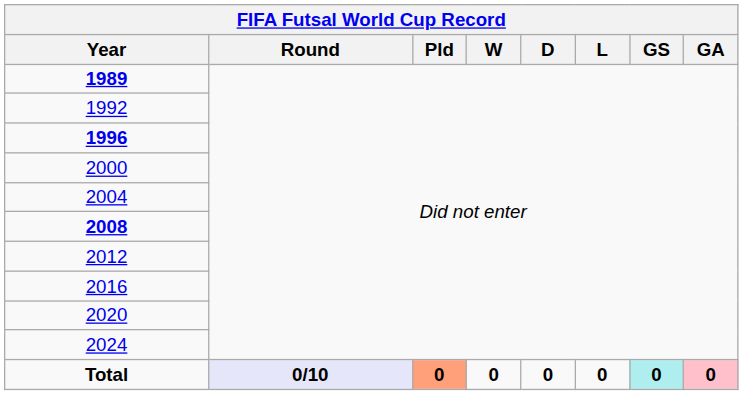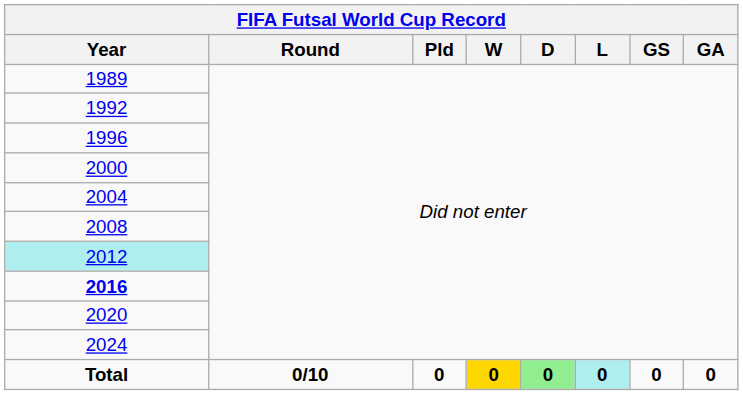 <table class="wikitable" style="text-align: center;font-size:90%;">
 <tr>
 <th colspan=9><a href='#'>FIFA Futsal World Cup Record</a></th>
 </tr>
 <tr>
 <th width=150>Year</th>
 <th width=150>Round</th>
 <th width=35>Pld</th>
 <th width=35>W</th>
 <th width=35>D</th>
 <th width=35>L</th>
 <th width=35>GS</th>
 <th width=35>GA</th>
 </tr>
 <tr>
-<td><strong> <a href='#'>1989</a></strong></td>
+<td> <a href='#'>1989</a></td>
 <td colspan=8 rowspan=10><em>Did not enter</em></td>
 </tr>
 <tr>
 <td> <a href='#'>1992</a></td>
 </tr>
 <tr>
-<td><strong> <a href='#'>1996</a></strong></td>
+<td> <a href='#'>1996</a></td>
 </tr>
 <tr>
 <td> <a href='#'>2000</a></td>
 </tr>
 <tr>
 <td> <a href='#'>2004</a></td>
 </tr>
 <tr>
-<td><strong> <a href='#'>2008</a></strong></td>
+<td> <a href='#'>2008</a></td>
 </tr>
 <tr>
-<td> <a href='#'>2012</a></td>
+<td style="background: paleturquoise;"> <a href='#'>2012</a></td>
 </tr>
 <tr>
-<td> <a href='#'>2016</a></td>
+<td><strong> <a href='#'>2016</a></strong></td>
 </tr>
 <tr>
 <td> <a href='#'>2020</a></td>
 </tr>
 <tr>
 <td> <a href='#'>2024</a></td>
 </tr>
 <tr>
 <td><strong>Total</strong></td>
-<td style="background: lavender;"><strong>0/10</strong></td>
-<td style="background: lightsalmon;"><strong>0</strong></td>
+<td><strong>0/10</strong></td>
+<td><strong>0</strong></td>
+<td style="background: gold;"><strong>0</strong></td>
+<td style="background: lightgreen;"><strong>0</strong></td>
+<td style="background: paleturquoise;"><strong>0</strong></td>
 <td><strong>0</strong></td>
 <td><strong>0</strong></td>
-<td><strong>0</strong></td>
-<td style="background: paleturquoise;"><strong>0</strong></td>
-<td style="background: pink;"><strong>0</strong></td>
 </tr>
 </table>
